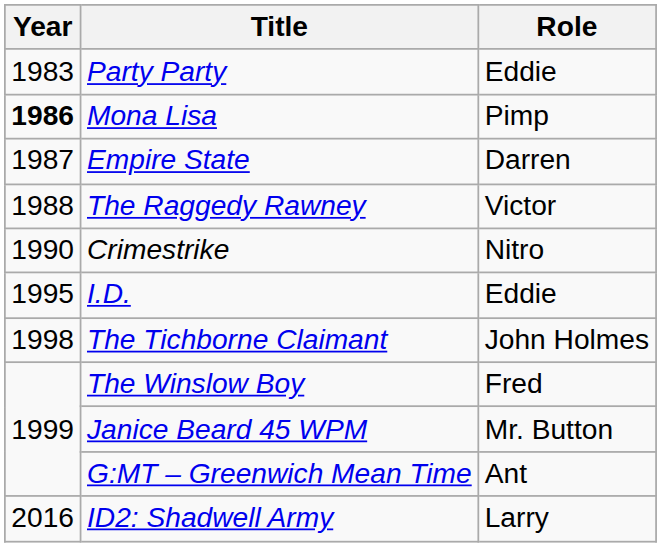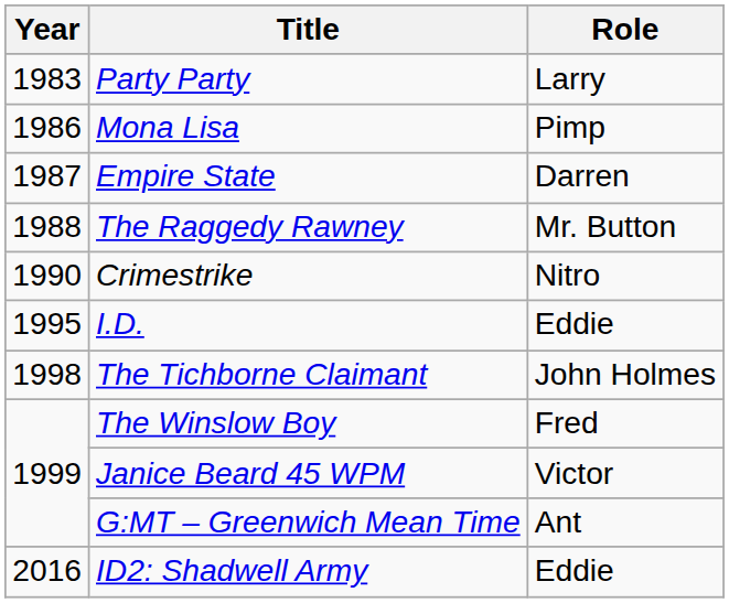 <table class="wikitable">
 <tr>
 <th>Year</th>
 <th>Title</th>
 <th>Role</th>
 </tr>
 <tr>
 <td>1983</td>
 <td><em><a href='#'>Party Party</a></em></td>
-<td>Eddie</td>
+<td>Larry</td>
 </tr>
 <tr>
-<td><strong>1986</strong></td>
+<td>1986</td>
 <td><em><a href='#'>Mona Lisa</a></em></td>
 <td>Pimp</td>
 </tr>
 <tr>
 <td>1987</td>
 <td><em><a href='#'>Empire State</a></em></td>
 <td>Darren</td>
 </tr>
 <tr>
 <td>1988</td>
 <td><em><a href='#'>The Raggedy Rawney</a></em></td>
-<td>Victor</td>
+<td>Mr. Button</td>
 </tr>
 <tr>
 <td>1990</td>
 <td><em>Crimestrike</em></td>
 <td>Nitro</td>
 </tr>
 <tr>
 <td>1995</td>
 <td><em><a href='#'>I.D.</a></em></td>
 <td>Eddie</td>
 </tr>
 <tr>
 <td>1998</td>
 <td><em><a href='#'>The Tichborne Claimant</a></em></td>
 <td>John Holmes</td>
 </tr>
 <tr>
 <td rowspan=3>1999</td>
 <td><em><a href='#'>The Winslow Boy</a></em></td>
 <td>Fred</td>
 </tr>
 <tr>
 <td><em><a href='#'>Janice Beard 45 WPM</a></em></td>
-<td>Mr. Button</td>
+<td>Victor</td>
 </tr>
 <tr>
 <td><em><a href='#'>G:MT – Greenwich Mean Time</a></em></td>
 <td>Ant</td>
 </tr>
 <tr>
 <td>2016</td>
 <td><em><a href='#'>ID2: Shadwell Army</a></em></td>
-<td>Larry</td>
+<td>Eddie</td>
 </tr>
 </table>
